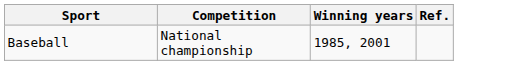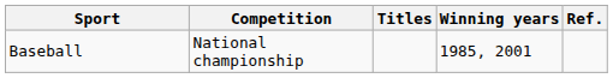 <table class="wikitable"; style= "text-align: ">
 <tr>
 <th width=150px>Sport</th>
 <th width=150px>Competition</th>
+<th width=px>Titles</th>
 <th width=px>Winning years</th>
 <th width=px>Ref.</th>
 </tr>
 <tr>
 <td>Baseball</td>
 <td>National championship</td>
+<td></td>
 <td>1985, 2001</td>
 <td></td>
 </tr>
 </table>
